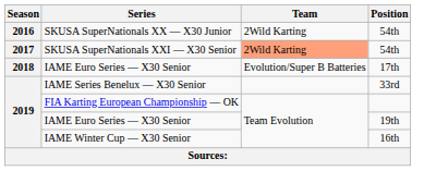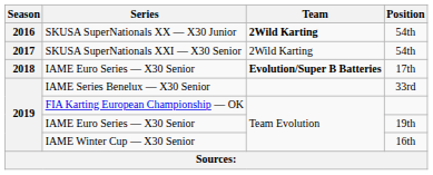 <table class="wikitable" style="font-size: 85%; text-align:center">
 <tr>
 <th>Season</th>
 <th>Series</th>
 <th>Team</th>
 <th>Position</th>
 </tr>
 <tr>
 <th>2016</th>
 <td align="left">SKUSA SuperNationals XX — X30 Junior</td>
-<td align="left">2Wild Karting</td>
+<td align="left"><strong>2Wild Karting</strong></td>
 <td>54th</td>
 </tr>
 <tr>
 <th>2017</th>
 <td align="left">SKUSA SuperNationals XXI — X30 Senior</td>
-<td align="left" style="background: lightsalmon;">2Wild Karting</td>
+<td align="left">2Wild Karting</td>
 <td>54th</td>
 </tr>
 <tr>
 <th>2018</th>
 <td align="left">IAME Euro Series — X30 Senior</td>
-<td align="left">Evolution/Super B Batteries</td>
+<td align="left"><strong>Evolution/Super B Batteries</strong></td>
 <td>17th</td>
 </tr>
 <tr>
 <th rowspan="4">2019</th>
 <td align="left">IAME Series Benelux — X30 Senior</td>
 <td align="left"></td>
 <td>33rd</td>
 </tr>
 <tr>
 <td align="left"><a href='#'>FIA Karting European Championship</a> — OK</td>
 <td rowspan="3" align="left">Team Evolution</td>
 <td></td>
 </tr>
 <tr>
 <td align="left">IAME Euro Series — X30 Senior</td>
 <td>19th</td>
 </tr>
 <tr>
 <td align="left">IAME Winter Cup — X30 Senior</td>
 <td>16th</td>
 </tr>
 <tr>
 <th colspan="4">Sources:</th>
 </tr>
 </table>
